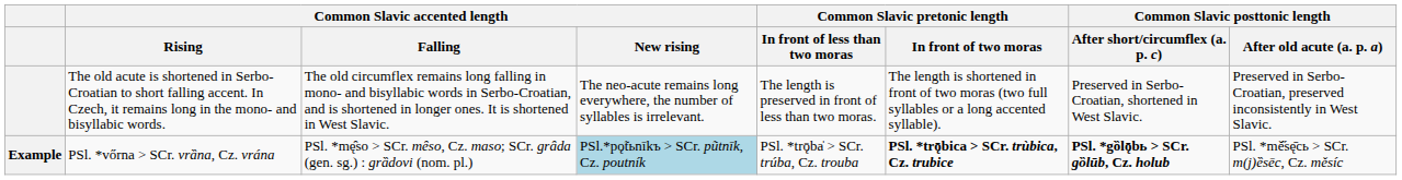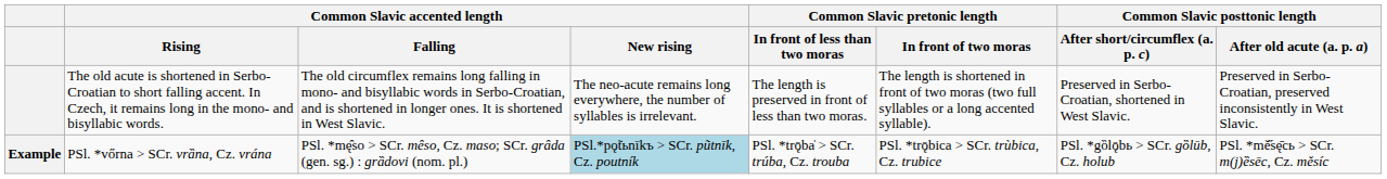 <table class="wikitable">
 <tr>
 <th></th>
 <th colspan=3>Common Slavic accented length</th>
 <th colspan=2>Common Slavic pretonic length</th>
 <th colspan=2>Common Slavic posttonic length</th>
 </tr>
 <tr>
 <th></th>
 <th>Rising</th>
 <th>Falling</th>
 <th>New rising</th>
 <th>In front of less than two moras</th>
 <th>In front of two moras</th>
 <th>After short/circumflex (a. p. <em>c</em>)</th>
 <th>After old acute (a. p. <em>a</em>)</th>
 </tr>
 <tr>
 <th></th>
 <td>The old acute is shortened in Serbo-Croatian to short falling accent. In Czech, it remains long in the mono- and bisyllabic words.</td>
 <td>The old circumflex remains long falling in mono- and bisyllabic words in Serbo-Croatian, and is shortened in longer ones. It is shortened in West Slavic.</td>
 <td>The neo-acute remains long everywhere, the number of syllables is irrelevant.</td>
 <td>The length is preserved in front of less than two moras.</td>
 <td>The length is shortened in front of two moras (two full syllables or a long accented syllable).</td>
 <td>Preserved in Serbo-Croatian, shortened in West Slavic.</td>
 <td>Preserved in Serbo-Croatian, preserved inconsistently in West Slavic.</td>
 </tr>
 <tr>
 <th>Example</th>
 <td>PSl. *vőrna > SCr. <em>vrȁna</em>, Cz. <em>vrána</em></td>
 <td>PSl. *mę̑so > SCr. <em>mȇso</em>, Cz. <em>maso</em>; SCr. <em>grȃda</em> (gen. sg.) : <em>grȁdovi</em> (nom. pl.)</td>
 <td style="background: lightblue;">PSl.*pǫ̃tьnīkъ > SCr. <em>pũtnīk</em>, Cz. <em>poutník</em></td>
 <td>PSl. *trǭba̍  > SCr. <em>trúba</em>, Cz. <em>trouba</em></td>
-<td><strong>PSl. *trǭbica > SCr. <em>trùbica</em>, Cz. <em>trubice</em></strong></td>
-<td><strong>PSl. *gȍlǭbь > SCr. <em>gȍlūb</em>, Cz. <em>holub</em></strong></td>
+<td>PSl. *trǭbica > SCr. <em>trùbica</em>, Cz. <em>trubice</em></td>
+<td>PSl. *gȍlǭbь > SCr. <em>gȍlūb</em>, Cz. <em>holub</em></td>
 <td>PSl. *mě̋sę̄cь > SCr. <em>m(j)ȅsēc</em>, Cz. <em>měsíc</em></td>
 </tr>
 </table>
